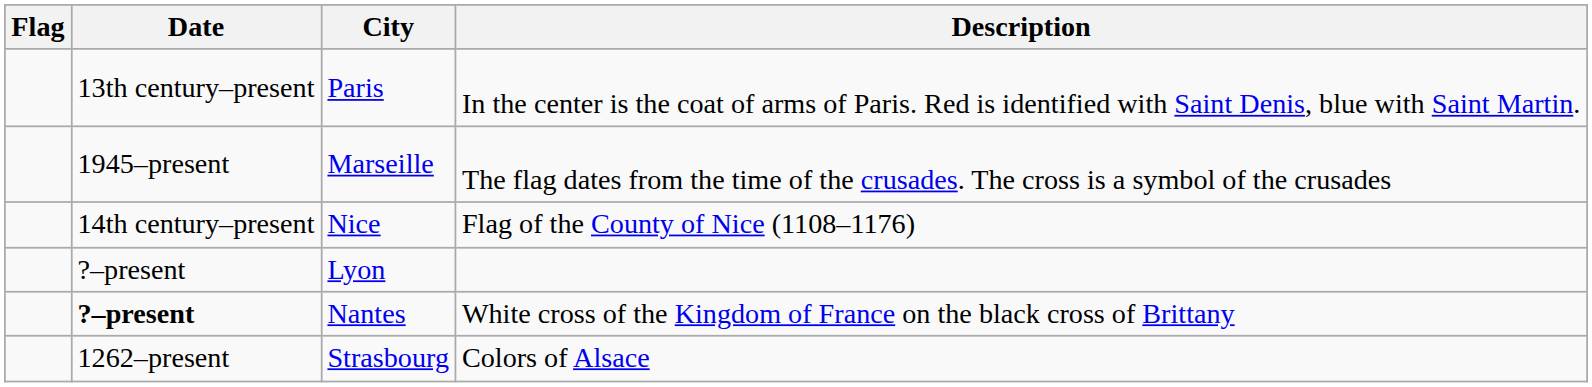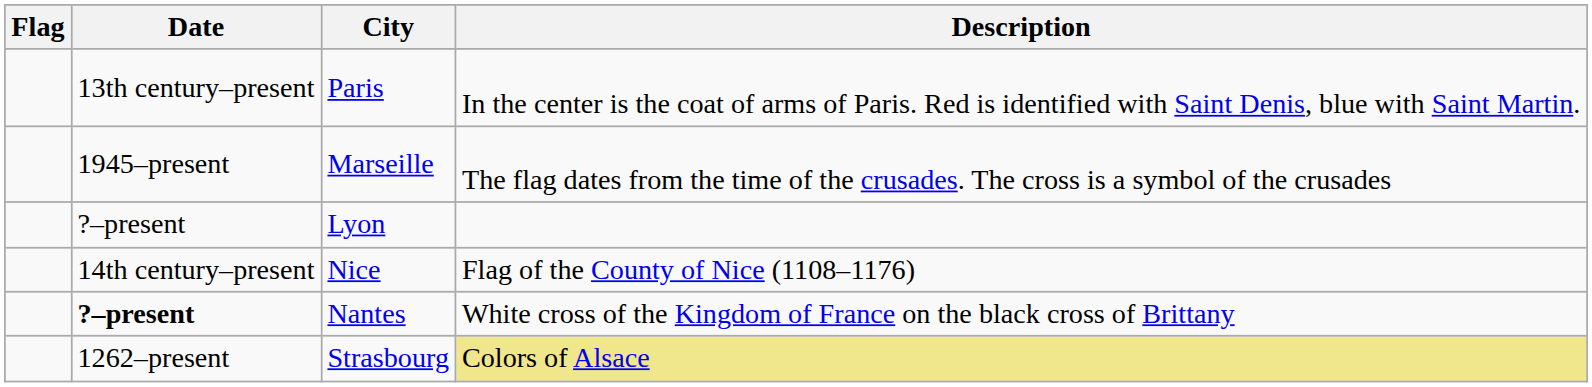 <table class="wikitable">
 <tr>
 <th>Flag</th>
 <th>Date</th>
 <th>City</th>
 <th>Description</th>
 </tr>
 <tr>
 <td></td>
 <td>13th century–present</td>
 <td><a href='#'>Paris</a></td>
 <td><br>In the center is the coat of arms of Paris. Red is identified with <a href='#'>Saint Denis</a>, blue with <a href='#'>Saint Martin</a>.</td>
 </tr>
 <tr>
 <td></td>
 <td>1945–present</td>
 <td><a href='#'>Marseille</a></td>
 <td><br>The flag dates from the time of the <a href='#'>crusades</a>. The cross is a symbol of the crusades</td>
 </tr>
 <tr>
 <td></td>
+<td>?–present</td>
+<td><a href='#'>Lyon</a></td>
+<td></td>
+</tr>
+<tr>
+<td></td>
 <td>14th century–present</td>
 <td><a href='#'>Nice</a></td>
 <td>Flag of the <a href='#'>County of Nice</a> (1108–1176)</td>
-</tr>
-<tr>
-<td></td>
-<td>?–present</td>
-<td><a href='#'>Lyon</a></td>
-<td></td>
 </tr>
 <tr>
 <td></td>
 <td><strong>?–present</strong></td>
 <td><a href='#'>Nantes</a></td>
 <td>White cross of the <a href='#'>Kingdom of France</a> on the black cross of <a href='#'>Brittany</a></td>
 </tr>
 <tr>
 <td></td>
 <td>1262–present</td>
 <td><a href='#'>Strasbourg</a></td>
-<td>Colors of <a href='#'>Alsace</a></td>
+<td style="background: khaki;">Colors of <a href='#'>Alsace</a></td>
 </tr>
 </table>
